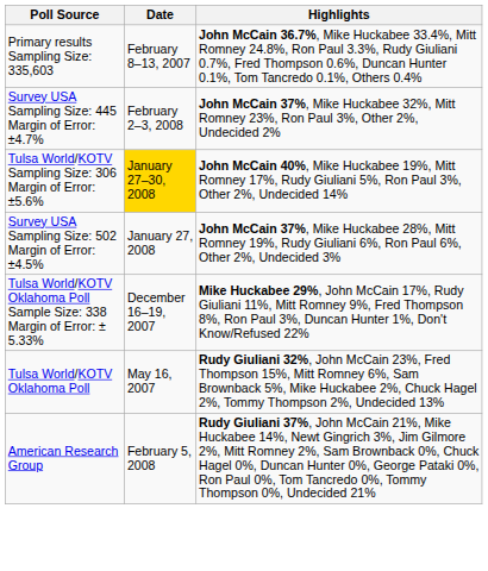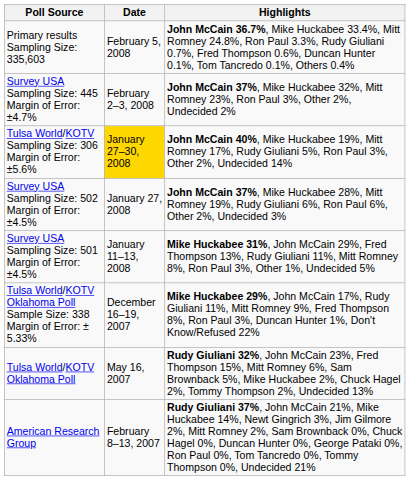 <table class="wikitable sortable">
 <tr>
 <th width="25%">Poll Source</th>
 <th width="15%">Date</th>
 <th width="60%">Highlights</th>
 </tr>
 <tr>
 <td>Primary results<br>Sampling Size: 335,603<br></td>
-<td>February 8–13, 2007</td>
+<td>February 5, 2008</td>
 <td><strong>John McCain 36.7%</strong>, Mike Huckabee 33.4%, Mitt Romney 24.8%, Ron Paul 3.3%, Rudy Giuliani 0.7%, Fred Thompson 0.6%, Duncan Hunter 0.1%, Tom Tancredo 0.1%, Others 0.4%</td>
 </tr>
 <tr>
 <td><a href='#'>Survey USA</a><br>Sampling Size: 445<br> Margin of Error: ±4.7%</td>
 <td>February 2–3, 2008</td>
 <td><strong>John McCain 37%</strong>, Mike Huckabee 32%, Mitt Romney 23%, Ron Paul 3%, Other 2%, Undecided 2%</td>
 </tr>
 <tr>
 <td><a href='#'>Tulsa World</a>/<a href='#'>KOTV</a><br>Sampling Size: 306<br> Margin of Error: ±5.6%</td>
 <td style="background: gold;">January 27–30, 2008</td>
 <td><strong>John McCain 40%</strong>, Mike Huckabee 19%, Mitt Romney 17%, Rudy Giuliani 5%, Ron Paul 3%, Other 2%, Undecided 14%</td>
 </tr>
 <tr>
 <td><a href='#'>Survey USA</a><br>Sampling Size: 502<br> Margin of Error: ±4.5%</td>
 <td>January 27, 2008</td>
 <td><strong>John McCain 37%</strong>, Mike Huckabee 28%, Mitt Romney 19%, Rudy Giuliani 6%, Ron Paul 6%, Other 2%, Undecided 3%</td>
 </tr>
 <tr>
+<td><a href='#'>Survey USA</a><br>Sampling Size: 501<br> Margin of Error: ±4.5%</td>
+<td>January 11–13, 2008</td>
+<td><strong>Mike Huckabee 31%</strong>, John McCain 29%, Fred Thompson 13%, Rudy Giuliani 11%, Mitt Romney 8%, Ron Paul 3%, Other 1%, Undecided 5%</td>
+</tr>
+<tr>
 <td><a href='#'>Tulsa World</a>/<a href='#'>KOTV Oklahoma Poll</a><br>Sample Size: 338<br> Margin of Error: ± 5.33%</td>
 <td>December 16–19, 2007</td>
 <td><strong>Mike Huckabee 29%</strong>, John McCain 17%, Rudy Giuliani 11%, Mitt Romney 9%, Fred Thompson 8%, Ron Paul 3%, Duncan Hunter 1%, Don't Know/Refused 22%</td>
 </tr>
 <tr>
 <td><a href='#'>Tulsa World</a>/<a href='#'>KOTV Oklahoma Poll</a></td>
 <td>May 16, 2007</td>
 <td><strong>Rudy Giuliani 32%</strong>, John McCain 23%, Fred Thompson 15%, Mitt Romney 6%, Sam Brownback 5%, Mike Huckabee 2%, Chuck Hagel 2%, Tommy Thompson 2%, Undecided 13%</td>
 </tr>
 <tr>
 <td><a href='#'>American Research Group</a></td>
-<td>February 5, 2008</td>
+<td>February 8–13, 2007</td>
 <td><strong>Rudy Giuliani 37%</strong>, John McCain 21%, Mike Huckabee 14%, Newt Gingrich 3%, Jim Gilmore 2%, Mitt Romney 2%, Sam Brownback 0%, Chuck Hagel 0%, Duncan Hunter 0%, George Pataki 0%, Ron Paul 0%, Tom Tancredo 0%, Tommy Thompson 0%, Undecided 21%</td>
 </tr>
 </table>
